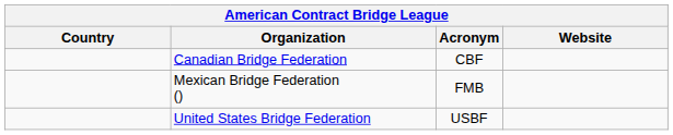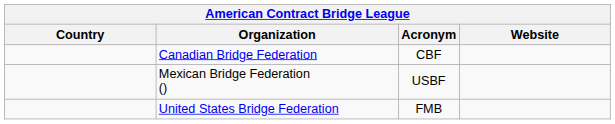 <table class="wikitable">
 <tr>
 <th colspan=5><a href='#'>American Contract Bridge League</a></th>
 </tr>
 <tr>
 <th width="25%">Country</th>
 <th width="40%">Organization</th>
 <th width="10%">Acronym</th>
 <th width="25%">Website</th>
 </tr>
 <tr>
 <td></td>
 <td><a href='#'>Canadian Bridge Federation</a></td>
 <td align=center>CBF</td>
 <td></td>
 </tr>
 <tr>
 <td></td>
 <td>Mexican Bridge Federation<br>()</td>
-<td align=center>FMB</td>
+<td align=center>USBF</td>
 <td></td>
 </tr>
 <tr>
 <td></td>
 <td><a href='#'>United States Bridge Federation</a></td>
-<td align=center>USBF</td>
+<td align=center>FMB</td>
 <td></td>
 </tr>
 </table>
